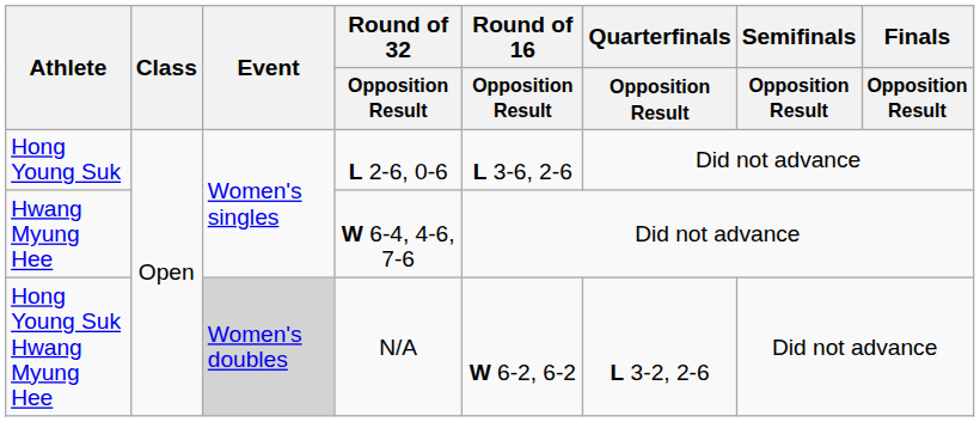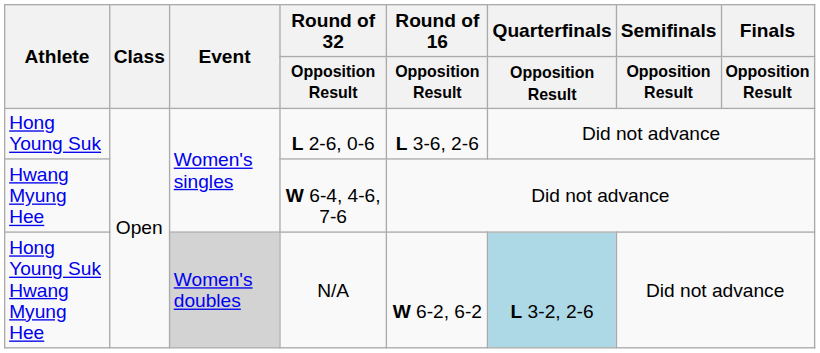 <table class=wikitable style="font-size:90%">
 <tr>
 <th rowspan="2">Athlete</th>
 <th rowspan="2">Class</th>
 <th rowspan="2">Event</th>
 <th>Round of 32</th>
 <th>Round of 16</th>
 <th>Quarterfinals</th>
 <th>Semifinals</th>
 <th>Finals</th>
 </tr>
 <tr>
 <th style="line-height:1em"><small>Opposition<br>Result</small></th>
 <th style="line-height:1em"><small>Opposition<br>Result</small></th>
 <th style=”line-height:1em”><small>Opposition<br>Result</small></th>
 <th style="line-height:1em"><small>Opposition<br>Result</small></th>
 <th style="line-height:1em"><small>Opposition<br>Result</small></th>
 </tr>
 <tr>
 <td><a href='#'>Hong Young Suk</a></td>
 <td rowspan="3" style="text-align:center;">Open</td>
 <td rowspan="2"><a href='#'>Women's singles</a></td>
 <td style="text-align:center;"><br><strong>L</strong> 2-6, 0-6</td>
 <td style="text-align:center;"><br><strong>L</strong> 3-6, 2-6</td>
 <td style="text-align:center;" colspan="3">Did not advance</td>
 </tr>
 <tr>
 <td><a href='#'>Hwang Myung Hee</a></td>
 <td style="text-align:center;"><br><strong>W</strong> 6-4, 4-6, 7-6</td>
 <td style="text-align:center;" colspan="4">Did not advance</td>
 </tr>
 <tr>
 <td><a href='#'>Hong Young Suk</a><br> <a href='#'>Hwang Myung Hee</a></td>
 <td style="background: lightgrey;"><a href='#'>Women's doubles</a></td>
 <td style="text-align:center;">N/A</td>
 <td style="text-align:center;"><br> <br><strong>W</strong> 6-2, 6-2</td>
-<td style="text-align:center;"><br> <br><strong>L</strong> 3-2, 2-6</td>
+<td style="background: lightblue; text-align:center;"><br> <br><strong>L</strong> 3-2, 2-6</td>
 <td style="text-align:center;" colspan="2">Did not advance</td>
 </tr>
 </table>
